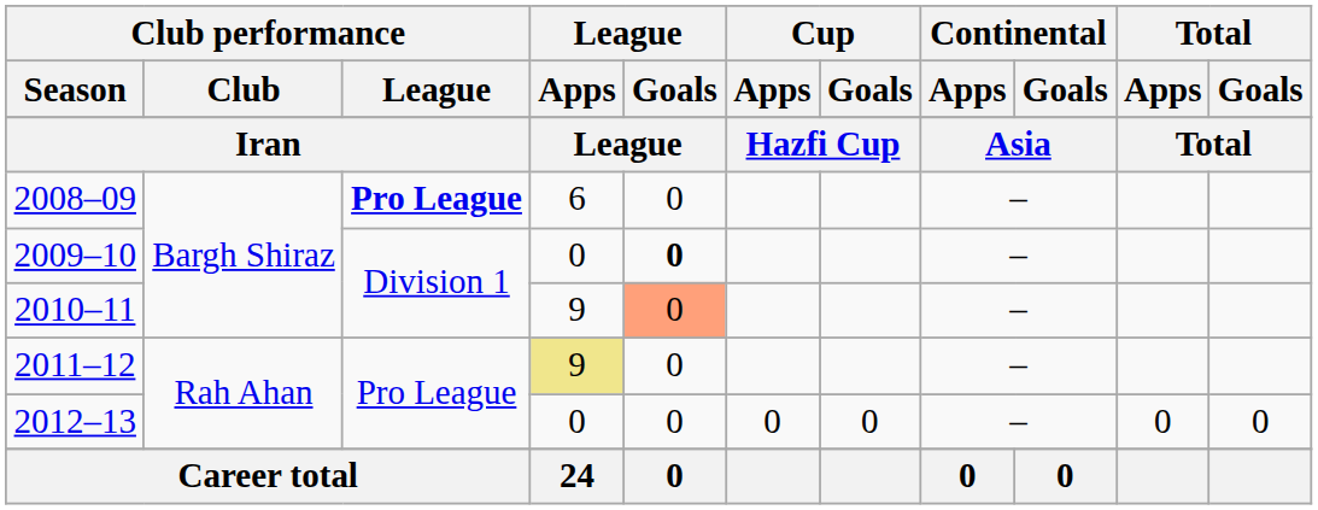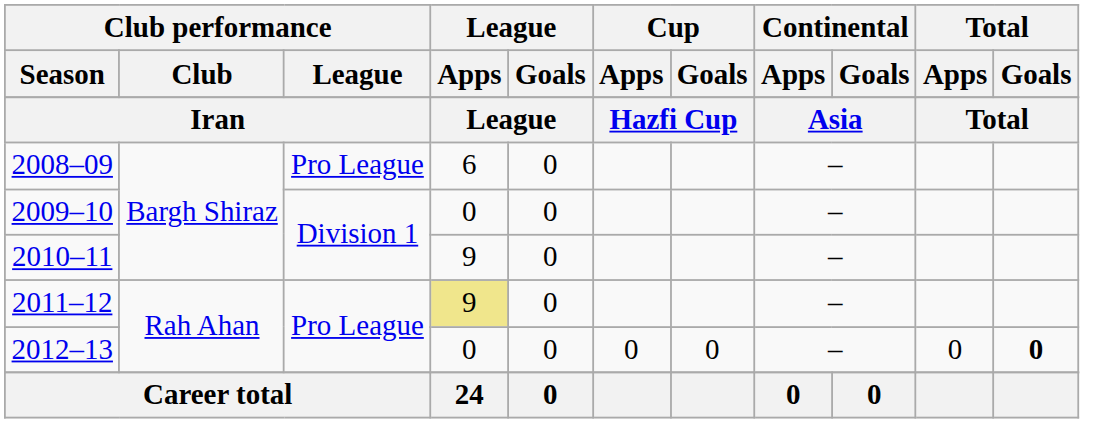 <table class="wikitable" style="text-align:center">
 <tr>
 <th colspan=3>Club performance</th>
 <th colspan=2>League</th>
 <th colspan=2>Cup</th>
 <th colspan=2>Continental</th>
 <th colspan=2>Total</th>
 </tr>
 <tr>
 <th>Season</th>
 <th>Club</th>
 <th>League</th>
 <th>Apps</th>
 <th>Goals</th>
 <th>Apps</th>
 <th>Goals</th>
 <th>Apps</th>
 <th>Goals</th>
 <th>Apps</th>
 <th>Goals</th>
 </tr>
 <tr>
 </tr>
 <tr>
 <th colspan=3>Iran</th>
 <th colspan=2>League</th>
 <th colspan=2><a href='#'>Hazfi Cup</a></th>
 <th colspan=2><a href='#'>Asia</a></th>
 <th colspan=2>Total</th>
 </tr>
 <tr>
 <td><a href='#'>2008–09</a></td>
 <td rowspan="3"><a href='#'>Bargh Shiraz</a></td>
-<td><strong><a href='#'>Pro League</a></strong></td>
+<td><a href='#'>Pro League</a></td>
 <td>6</td>
 <td>0</td>
 <td></td>
 <td></td>
 <td colspan="2">–</td>
 <td></td>
 <td></td>
 </tr>
 <tr>
 <td><a href='#'>2009–10</a></td>
 <td rowspan="2"><a href='#'>Division 1</a></td>
 <td>0</td>
-<td><strong>0</strong></td>
+<td>0</td>
 <td></td>
 <td></td>
 <td colspan="2">–</td>
 <td></td>
 <td></td>
 </tr>
 <tr>
 <td><a href='#'>2010–11</a></td>
 <td>9</td>
-<td style="background: lightsalmon;">0</td>
+<td>0</td>
 <td></td>
 <td></td>
 <td colspan="2">–</td>
 <td></td>
 <td></td>
 </tr>
 <tr>
 <td><a href='#'>2011–12</a></td>
 <td rowspan="2"><a href='#'>Rah Ahan</a></td>
 <td rowspan="2"><a href='#'>Pro League</a></td>
 <td style="background: khaki;">9</td>
 <td>0</td>
 <td></td>
 <td></td>
 <td colspan="2">–</td>
 <td></td>
 <td></td>
 </tr>
 <tr>
 <td><a href='#'>2012–13</a></td>
 <td>0</td>
 <td>0</td>
 <td>0</td>
 <td>0</td>
 <td colspan="2">–</td>
 <td>0</td>
-<td>0</td>
+<td><strong>0</strong></td>
 </tr>
 <tr>
 </tr>
 <tr>
 <th colspan=3>Career total</th>
 <th>24</th>
 <th>0</th>
 <th></th>
 <th></th>
 <th>0</th>
 <th>0</th>
 <th></th>
 <th></th>
 </tr>
 </table>
